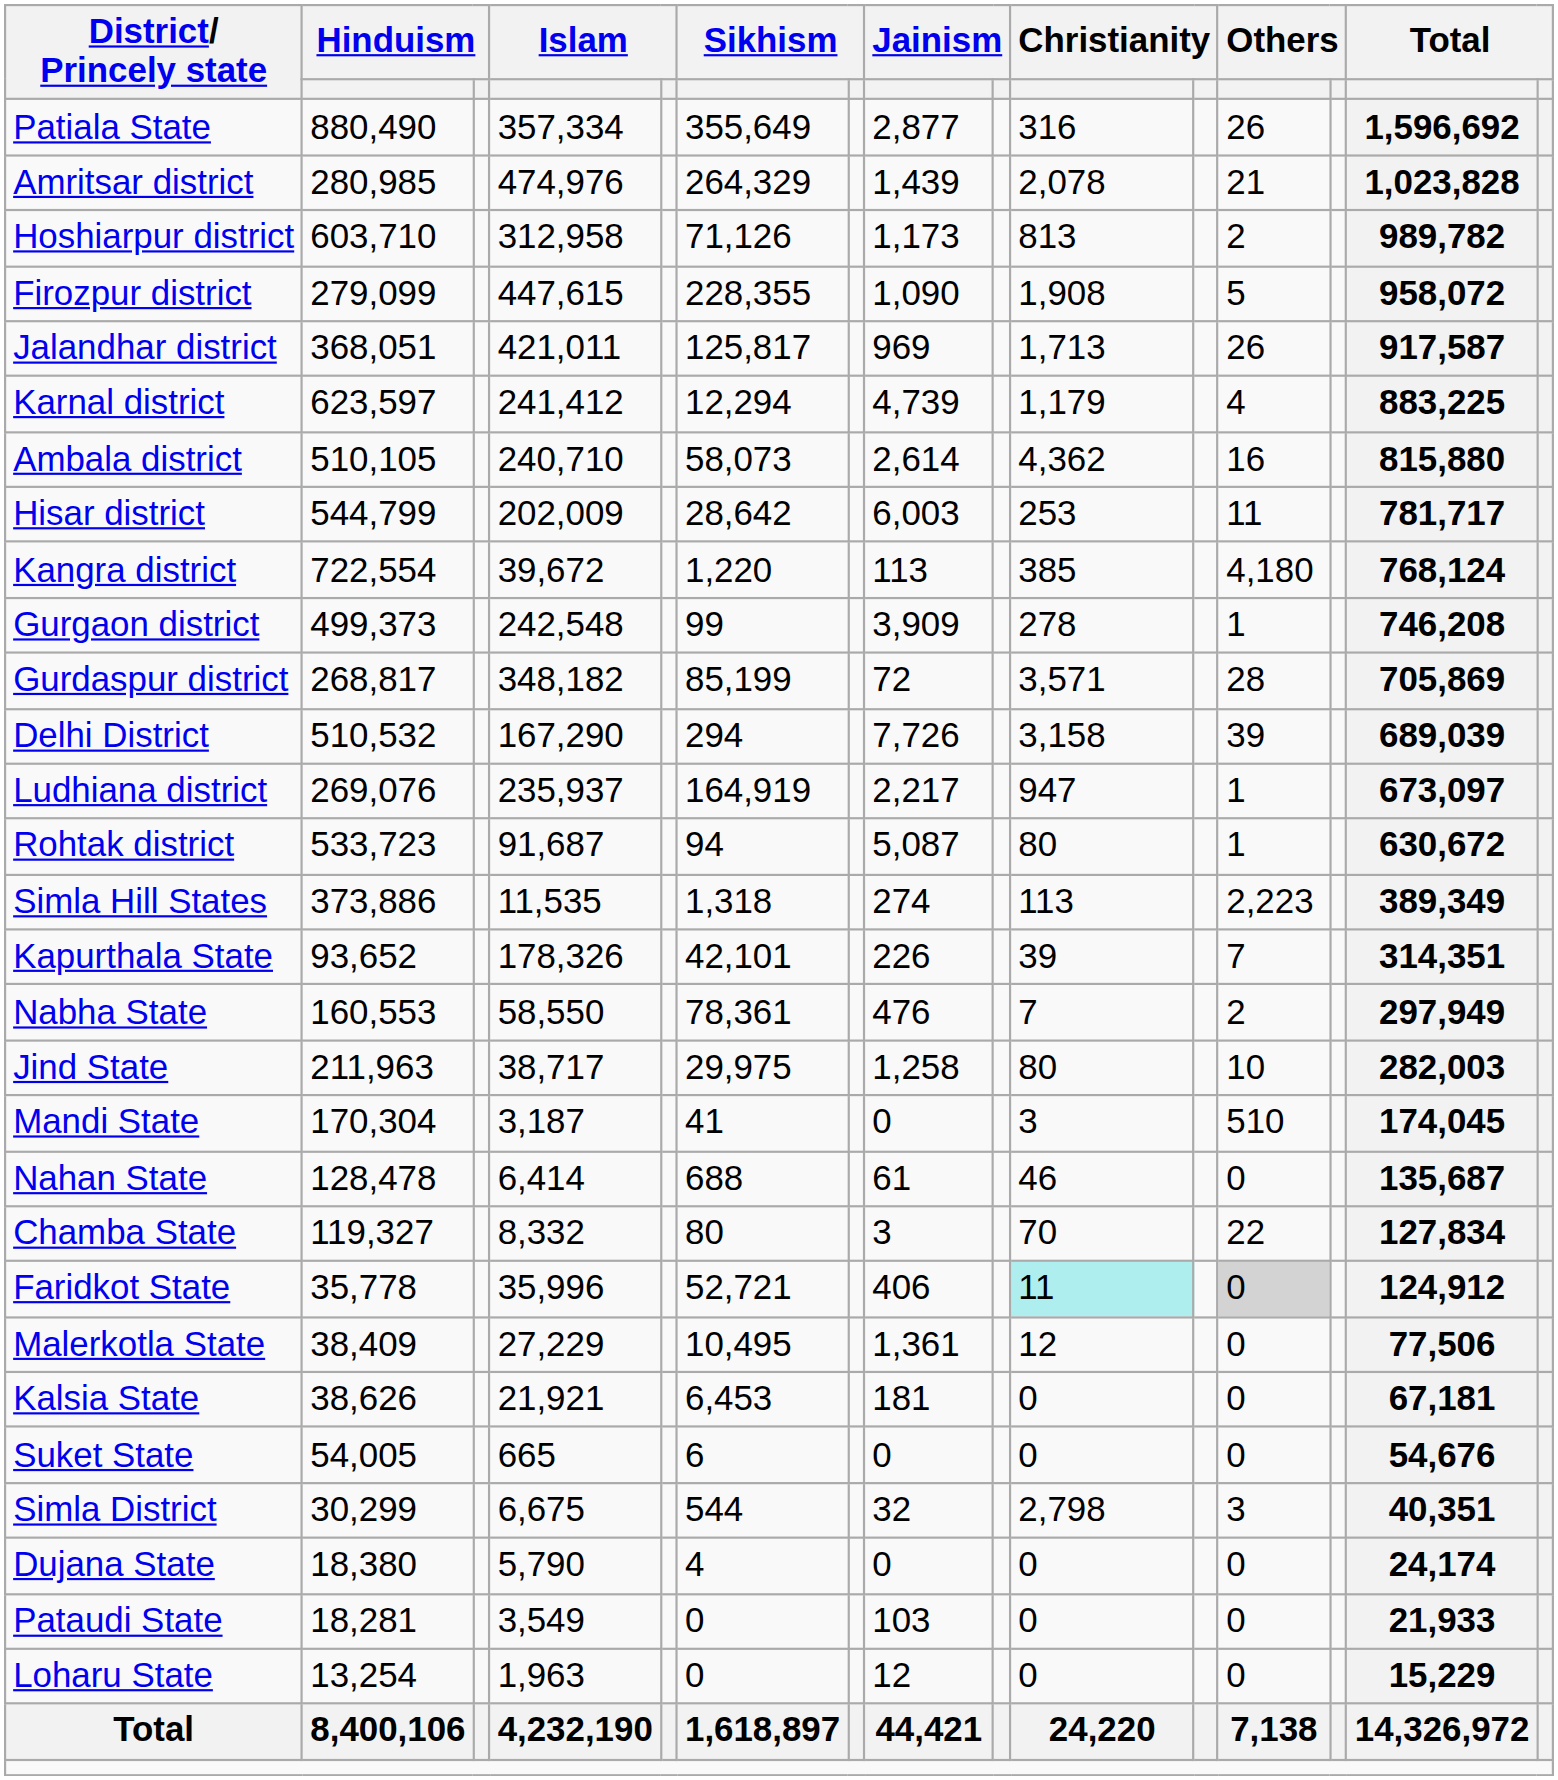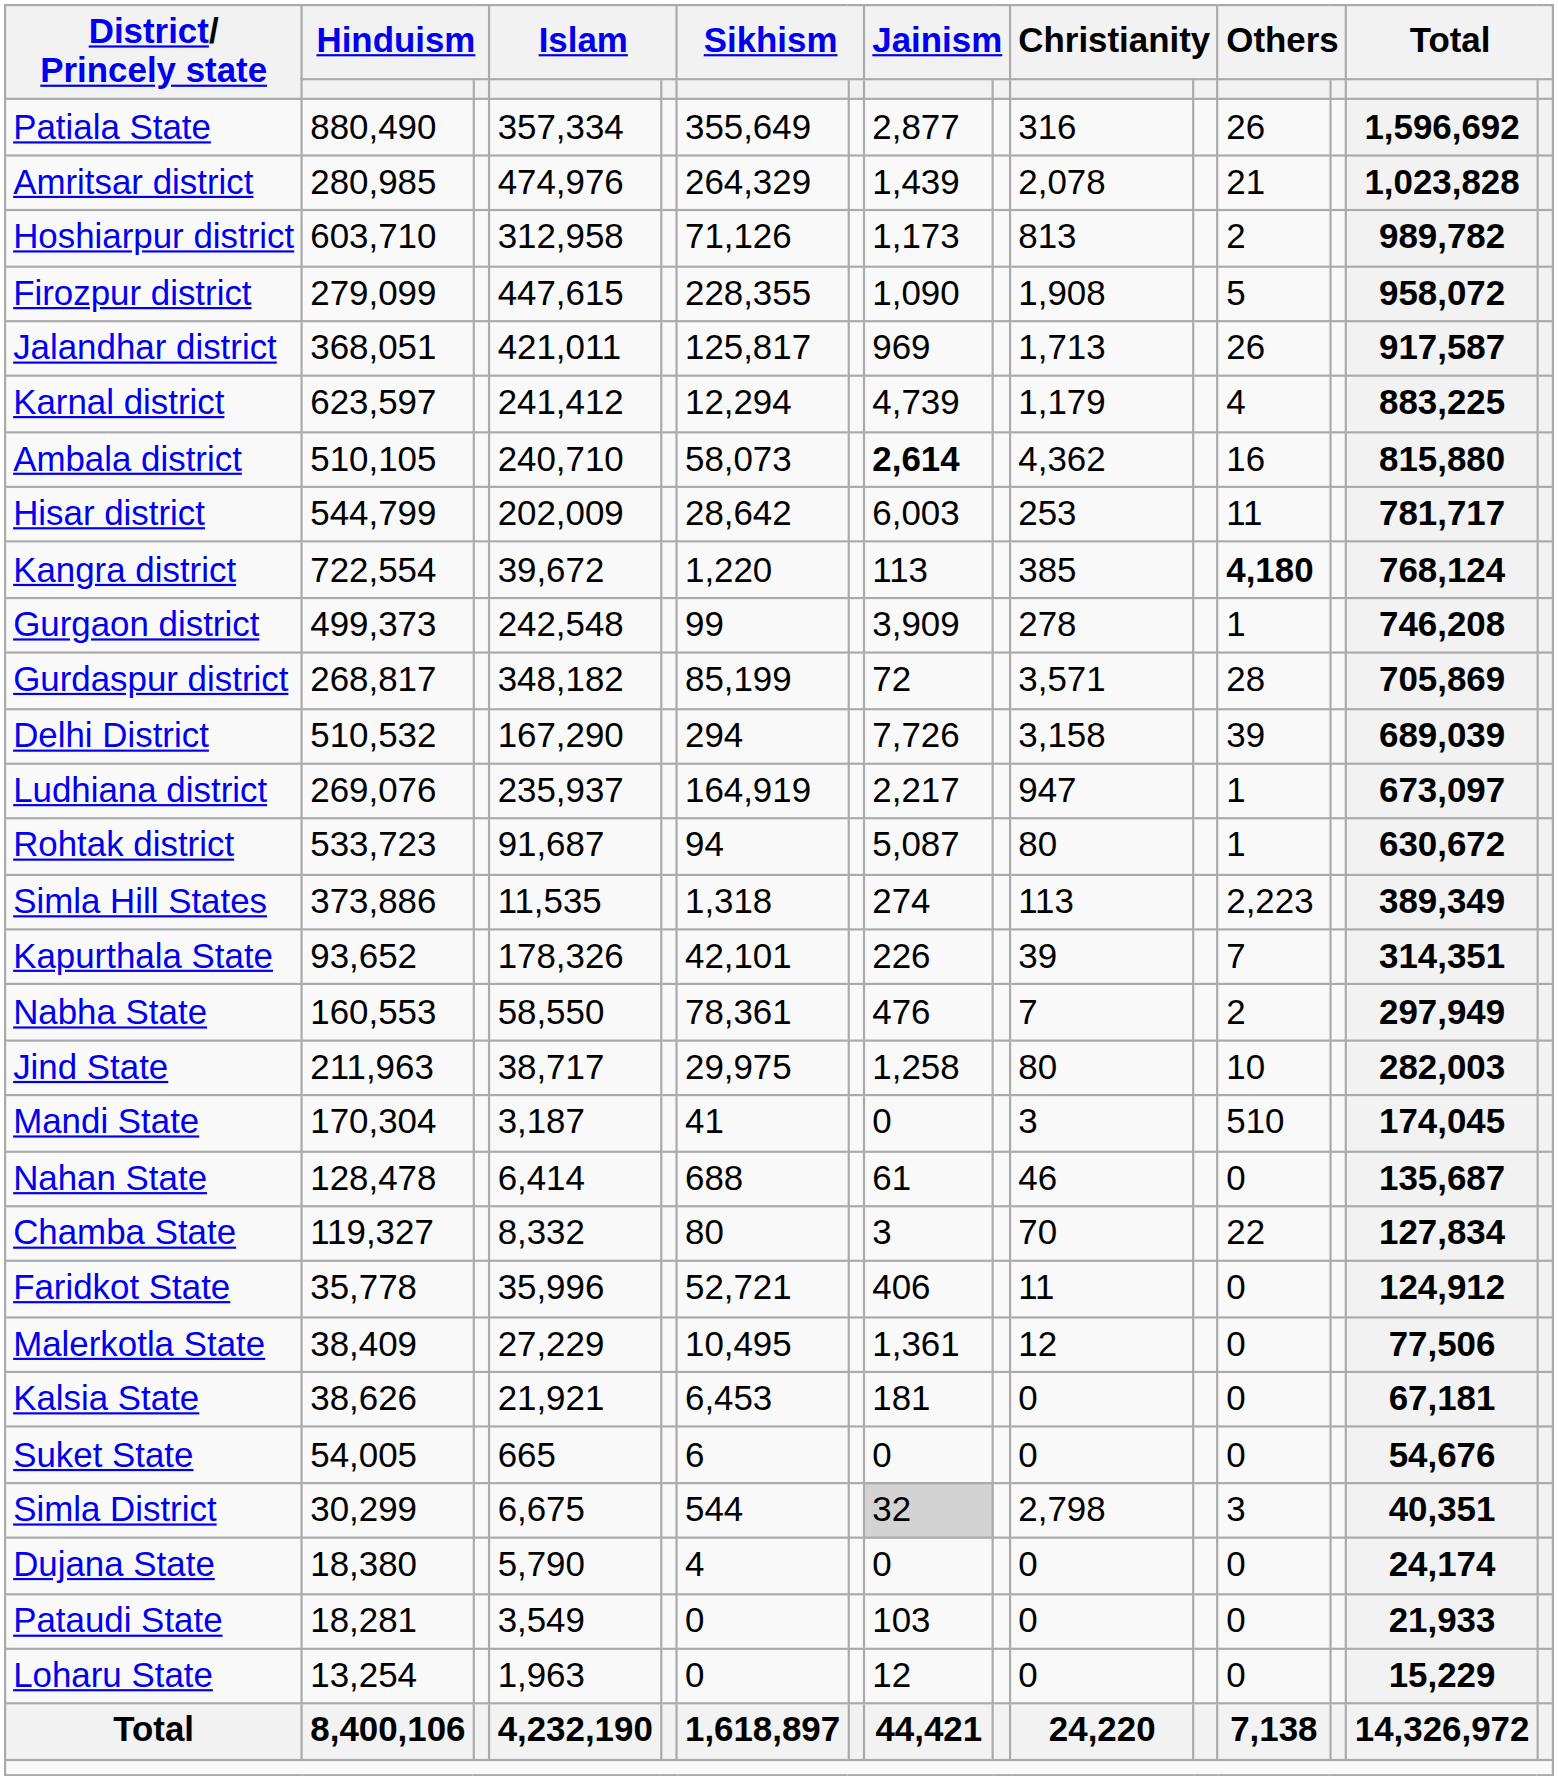 <table class="wikitable sortable">
 <tr>
 <th rowspan="2"><a href='#'>District</a>/<br><a href='#'>Princely state</a></th>
 <th colspan="2"><a href='#'>Hinduism</a> </th>
 <th colspan="2"><a href='#'>Islam</a> </th>
 <th colspan="2"><a href='#'>Sikhism</a> </th>
 <th colspan="2"><a href='#'>Jainism</a> </th>
 <th colspan="2">Christianity </th>
 <th colspan="2">Others</th>
 <th colspan="2">Total</th>
 </tr>
 <tr>
 <th><a href='#'></a></th>
 <th></th>
 <th></th>
 <th></th>
 <th></th>
 <th></th>
 <th></th>
 <th></th>
 <th></th>
 <th></th>
 <th></th>
 <th></th>
 <th></th>
 <th></th>
 </tr>
 <tr>
 <td><a href='#'>Patiala State</a></td>
 <td>880,490</td>
 <td></td>
 <td>357,334</td>
 <td></td>
 <td>355,649</td>
 <td></td>
 <td>2,877</td>
 <td></td>
 <td>316</td>
 <td></td>
 <td>26</td>
 <td></td>
 <th>1,596,692</th>
 <th></th>
 </tr>
 <tr>
 <td><a href='#'>Amritsar district</a></td>
 <td>280,985</td>
 <td></td>
 <td>474,976</td>
 <td></td>
 <td>264,329</td>
 <td></td>
 <td>1,439</td>
 <td></td>
 <td>2,078</td>
 <td></td>
 <td>21</td>
 <td></td>
 <th>1,023,828</th>
 <th></th>
 </tr>
 <tr>
 <td><a href='#'>Hoshiarpur district</a></td>
 <td>603,710</td>
 <td></td>
 <td>312,958</td>
 <td></td>
 <td>71,126</td>
 <td></td>
 <td>1,173</td>
 <td></td>
 <td>813</td>
 <td></td>
 <td>2</td>
 <td></td>
 <th>989,782</th>
 <th></th>
 </tr>
 <tr>
 <td><a href='#'>Firozpur district</a></td>
 <td>279,099</td>
 <td></td>
 <td>447,615</td>
 <td></td>
 <td>228,355</td>
 <td></td>
 <td>1,090</td>
 <td></td>
 <td>1,908</td>
 <td></td>
 <td>5</td>
 <td></td>
 <th>958,072</th>
 <th></th>
 </tr>
 <tr>
 <td><a href='#'>Jalandhar district</a></td>
 <td>368,051</td>
 <td></td>
 <td>421,011</td>
 <td></td>
 <td>125,817</td>
 <td></td>
 <td>969</td>
 <td></td>
 <td>1,713</td>
 <td></td>
 <td>26</td>
 <td></td>
 <th>917,587</th>
 <th></th>
 </tr>
 <tr>
 <td><a href='#'>Karnal district</a></td>
 <td>623,597</td>
 <td></td>
 <td>241,412</td>
 <td></td>
 <td>12,294</td>
 <td></td>
 <td>4,739</td>
 <td></td>
 <td>1,179</td>
 <td></td>
 <td>4</td>
 <td></td>
 <th>883,225</th>
 <th></th>
 </tr>
 <tr>
 <td><a href='#'>Ambala district</a></td>
 <td>510,105</td>
 <td></td>
 <td>240,710</td>
 <td></td>
 <td>58,073</td>
 <td></td>
-<td>2,614</td>
+<td><strong>2,614</strong></td>
 <td></td>
 <td>4,362</td>
 <td></td>
 <td>16</td>
 <td></td>
 <th>815,880</th>
 <th></th>
 </tr>
 <tr>
 <td><a href='#'>Hisar district</a></td>
 <td>544,799</td>
 <td></td>
 <td>202,009</td>
 <td></td>
 <td>28,642</td>
 <td></td>
 <td>6,003</td>
 <td></td>
 <td>253</td>
 <td></td>
 <td>11</td>
 <td></td>
 <th>781,717</th>
 <th></th>
 </tr>
 <tr>
 <td><a href='#'>Kangra district</a></td>
 <td>722,554</td>
 <td></td>
 <td>39,672</td>
 <td></td>
 <td>1,220</td>
 <td></td>
 <td>113</td>
 <td></td>
 <td>385</td>
 <td></td>
-<td>4,180</td>
+<td><strong>4,180</strong></td>
 <td></td>
 <th>768,124</th>
 <th></th>
 </tr>
 <tr>
 <td><a href='#'>Gurgaon district</a></td>
 <td>499,373</td>
 <td></td>
 <td>242,548</td>
 <td></td>
 <td>99</td>
 <td></td>
 <td>3,909</td>
 <td></td>
 <td>278</td>
 <td></td>
 <td>1</td>
 <td></td>
 <th>746,208</th>
 <th></th>
 </tr>
 <tr>
 <td><a href='#'>Gurdaspur district</a></td>
 <td>268,817</td>
 <td></td>
 <td>348,182</td>
 <td></td>
 <td>85,199</td>
 <td></td>
 <td>72</td>
 <td></td>
 <td>3,571</td>
 <td></td>
 <td>28</td>
 <td></td>
 <th>705,869</th>
 <th></th>
 </tr>
 <tr>
 <td><a href='#'>Delhi District</a></td>
 <td>510,532</td>
 <td></td>
 <td>167,290</td>
 <td></td>
 <td>294</td>
 <td></td>
 <td>7,726</td>
 <td></td>
 <td>3,158</td>
 <td></td>
 <td>39</td>
 <td></td>
 <th>689,039</th>
 <th></th>
 </tr>
 <tr>
 <td><a href='#'>Ludhiana district</a></td>
 <td>269,076</td>
 <td></td>
 <td>235,937</td>
 <td></td>
 <td>164,919</td>
 <td></td>
 <td>2,217</td>
 <td></td>
 <td>947</td>
 <td></td>
 <td>1</td>
 <td></td>
 <th>673,097</th>
 <th></th>
 </tr>
 <tr>
 <td><a href='#'>Rohtak district</a></td>
 <td>533,723</td>
 <td></td>
 <td>91,687</td>
 <td></td>
 <td>94</td>
 <td></td>
 <td>5,087</td>
 <td></td>
 <td>80</td>
 <td></td>
 <td>1</td>
 <td></td>
 <th>630,672</th>
 <th></th>
 </tr>
 <tr>
 <td><a href='#'>Simla Hill States</a></td>
 <td>373,886</td>
 <td></td>
 <td>11,535</td>
 <td></td>
 <td>1,318</td>
 <td></td>
 <td>274</td>
 <td></td>
 <td>113</td>
 <td></td>
 <td>2,223</td>
 <td></td>
 <th>389,349</th>
 <th></th>
 </tr>
 <tr>
 <td><a href='#'>Kapurthala State</a></td>
 <td>93,652</td>
 <td></td>
 <td>178,326</td>
 <td></td>
 <td>42,101</td>
 <td></td>
 <td>226</td>
 <td></td>
 <td>39</td>
 <td></td>
 <td>7</td>
 <td></td>
 <th>314,351</th>
 <th></th>
 </tr>
 <tr>
 <td><a href='#'>Nabha State</a></td>
 <td>160,553</td>
 <td></td>
 <td>58,550</td>
 <td></td>
 <td>78,361</td>
 <td></td>
 <td>476</td>
 <td></td>
 <td>7</td>
 <td></td>
 <td>2</td>
 <td></td>
 <th>297,949</th>
 <th></th>
 </tr>
 <tr>
 <td><a href='#'>Jind State</a></td>
 <td>211,963</td>
 <td></td>
 <td>38,717</td>
 <td></td>
 <td>29,975</td>
 <td></td>
 <td>1,258</td>
 <td></td>
 <td>80</td>
 <td></td>
 <td>10</td>
 <td></td>
 <th>282,003</th>
 <th></th>
 </tr>
 <tr>
 <td><a href='#'>Mandi State</a></td>
 <td>170,304</td>
 <td></td>
 <td>3,187</td>
 <td></td>
 <td>41</td>
 <td></td>
 <td>0</td>
 <td></td>
 <td>3</td>
 <td></td>
 <td>510</td>
 <td></td>
 <th>174,045</th>
 <th></th>
 </tr>
 <tr>
 <td><a href='#'>Nahan State</a></td>
 <td>128,478</td>
 <td></td>
 <td>6,414</td>
 <td></td>
 <td>688</td>
 <td></td>
 <td>61</td>
 <td></td>
 <td>46</td>
 <td></td>
 <td>0</td>
 <td></td>
 <th>135,687</th>
 <th></th>
 </tr>
 <tr>
 <td><a href='#'>Chamba State</a></td>
 <td>119,327</td>
 <td></td>
 <td>8,332</td>
 <td></td>
 <td>80</td>
 <td></td>
 <td>3</td>
 <td></td>
 <td>70</td>
 <td></td>
 <td>22</td>
 <td></td>
 <th>127,834</th>
 <th></th>
 </tr>
 <tr>
 <td><a href='#'>Faridkot State</a></td>
 <td>35,778</td>
 <td></td>
 <td>35,996</td>
 <td></td>
 <td>52,721</td>
 <td></td>
 <td>406</td>
 <td></td>
-<td style="background: paleturquoise;">11</td>
+<td>11</td>
 <td></td>
-<td style="background: lightgrey;">0</td>
+<td>0</td>
 <td></td>
 <th>124,912</th>
 <th></th>
 </tr>
 <tr>
 <td><a href='#'>Malerkotla State</a></td>
 <td>38,409</td>
 <td></td>
 <td>27,229</td>
 <td></td>
 <td>10,495</td>
 <td></td>
 <td>1,361</td>
 <td></td>
 <td>12</td>
 <td></td>
 <td>0</td>
 <td></td>
 <th>77,506</th>
 <th></th>
 </tr>
 <tr>
 <td><a href='#'>Kalsia State</a></td>
 <td>38,626</td>
 <td></td>
 <td>21,921</td>
 <td></td>
 <td>6,453</td>
 <td></td>
 <td>181</td>
 <td></td>
 <td>0</td>
 <td></td>
 <td>0</td>
 <td></td>
 <th>67,181</th>
 <th></th>
 </tr>
 <tr>
 <td><a href='#'>Suket State</a></td>
 <td>54,005</td>
 <td></td>
 <td>665</td>
 <td></td>
 <td>6</td>
 <td></td>
 <td>0</td>
 <td></td>
 <td>0</td>
 <td></td>
 <td>0</td>
 <td></td>
 <th>54,676</th>
 <th></th>
 </tr>
 <tr>
 <td><a href='#'>Simla District</a></td>
 <td>30,299</td>
 <td></td>
 <td>6,675</td>
 <td></td>
 <td>544</td>
 <td></td>
-<td>32</td>
+<td style="background: lightgrey;">32</td>
 <td></td>
 <td>2,798</td>
 <td></td>
 <td>3</td>
 <td></td>
 <th>40,351</th>
 <th></th>
 </tr>
 <tr>
 <td><a href='#'>Dujana State</a></td>
 <td>18,380</td>
 <td></td>
 <td>5,790</td>
 <td></td>
 <td>4</td>
 <td></td>
 <td>0</td>
 <td></td>
 <td>0</td>
 <td></td>
 <td>0</td>
 <td></td>
 <th>24,174</th>
 <th></th>
 </tr>
 <tr>
 <td><a href='#'>Pataudi State</a></td>
 <td>18,281</td>
 <td></td>
 <td>3,549</td>
 <td></td>
 <td>0</td>
 <td></td>
 <td>103</td>
 <td></td>
 <td>0</td>
 <td></td>
 <td>0</td>
 <td></td>
 <th>21,933</th>
 <th></th>
 </tr>
 <tr>
 <td><a href='#'>Loharu State</a></td>
 <td>13,254</td>
 <td></td>
 <td>1,963</td>
 <td></td>
 <td>0</td>
 <td></td>
 <td>12</td>
 <td></td>
 <td>0</td>
 <td></td>
 <td>0</td>
 <td></td>
 <th>15,229</th>
 <th></th>
 </tr>
 <tr>
 <th>Total</th>
 <th>8,400,106</th>
 <th></th>
 <th>4,232,190</th>
 <th></th>
 <th>1,618,897</th>
 <th></th>
 <th>44,421</th>
 <th></th>
 <th>24,220</th>
 <th></th>
 <th>7,138</th>
 <th></th>
 <th>14,326,972</th>
 <th></th>
 </tr>
 <tr class="sortbottom">
 <td colspan="15"></td>
 </tr>
 </table>
